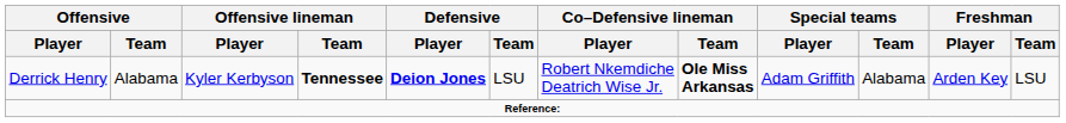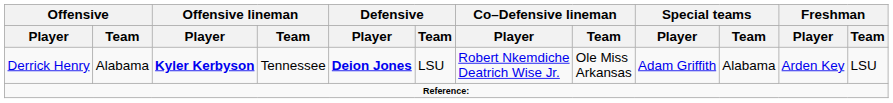 <table class="wikitable">
 <tr>
 <th colspan="2">Offensive</th>
 <th colspan="2">Offensive lineman</th>
 <th colspan="2">Defensive</th>
 <th colspan="2">Co–Defensive lineman</th>
 <th colspan="2">Special teams</th>
 <th colspan="2">Freshman</th>
 </tr>
 <tr>
 <th>Player</th>
 <th>Team</th>
 <th>Player</th>
 <th>Team</th>
 <th>Player</th>
 <th>Team</th>
 <th>Player</th>
 <th>Team</th>
 <th>Player</th>
 <th>Team</th>
 <th>Player</th>
 <th>Team</th>
 </tr>
 <tr>
 <td><a href='#'>Derrick Henry</a></td>
 <td>Alabama</td>
-<td><a href='#'>Kyler Kerbyson</a></td>
-<td><strong>Tennessee</strong></td>
+<td><strong><a href='#'>Kyler Kerbyson</a></strong></td>
+<td>Tennessee</td>
 <td><strong><a href='#'>Deion Jones</a></strong></td>
 <td>LSU</td>
 <td><a href='#'>Robert Nkemdiche</a><br><a href='#'>Deatrich Wise Jr.</a></td>
-<td><strong>Ole Miss<br>Arkansas</strong></td>
+<td>Ole Miss<br>Arkansas</td>
 <td><a href='#'>Adam Griffith</a></td>
 <td>Alabama</td>
 <td><a href='#'>Arden Key</a></td>
 <td>LSU</td>
 </tr>
 <tr>
 <td colspan="12"  style="font-size:8pt; text-align:center;"><strong>Reference:</strong></td>
 </tr>
 </table>
